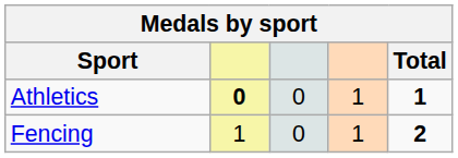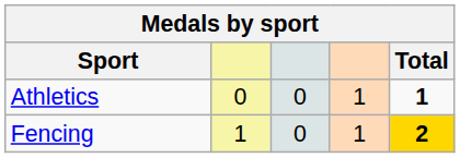 <table class="wikitable" style="font-size:90%; text-align:center;">
 <tr>
 <th colspan="5">Medals by sport</th>
 </tr>
 <tr>
 <th width="120">Sport</th>
 <th scope="col" width="30" style="background:#F7F6A8;"></th>
 <th scope="col" width="30" style="background:#DCE5E5;"></th>
 <th scope="col" width="30" style="background:#FFDAB9;"></th>
 <th width="30">Total</th>
 </tr>
 <tr>
 <td align="left"><a href='#'>Athletics</a></td>
-<td style="background:#F7F6A8;"><strong>0</strong></td>
+<td style="background:#F7F6A8;">0</td>
 <td style="background:#DCE5E5;">0</td>
 <td style="background:#FFDAB9;">1</td>
 <td><strong>1</strong></td>
 </tr>
 <tr>
 <td align="left"><a href='#'>Fencing</a></td>
 <td style="background:#F7F6A8;">1</td>
 <td style="background:#DCE5E5;">0</td>
 <td style="background:#FFDAB9;">1</td>
-<td><strong>2</strong></td>
+<td style="background: gold;"><strong>2</strong></td>
 </tr>
 </table>
